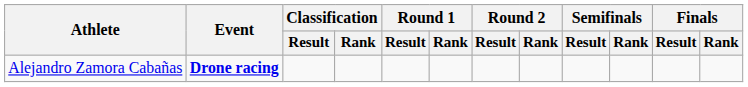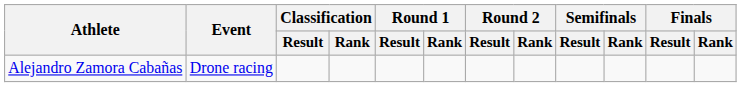 <table class=wikitable style=font-size:90%;text-align:center>
 <tr>
 <th rowspan="2">Athlete</th>
 <th rowspan="2">Event</th>
 <th colspan="2">Classification</th>
 <th colspan="2">Round 1</th>
 <th colspan="2">Round 2</th>
 <th colspan="2">Semifinals</th>
 <th colspan="2">Finals</th>
 </tr>
 <tr style="font-size:95%">
 <th>Result</th>
 <th>Rank</th>
 <th>Result</th>
 <th>Rank</th>
 <th>Result</th>
 <th>Rank</th>
 <th>Result</th>
 <th>Rank</th>
 <th>Result</th>
 <th>Rank</th>
 </tr>
 <tr align=center>
 <td align=left><a href='#'>Alejandro Zamora Cabañas</a></td>
-<td align=left><strong><a href='#'>Drone racing</a></strong></td>
+<td align=left><a href='#'>Drone racing</a></td>
 <td></td>
 <td></td>
 <td></td>
 <td></td>
 <td></td>
 <td></td>
 <td></td>
 <td></td>
 <td></td>
 <td></td>
 </tr>
 </table>
